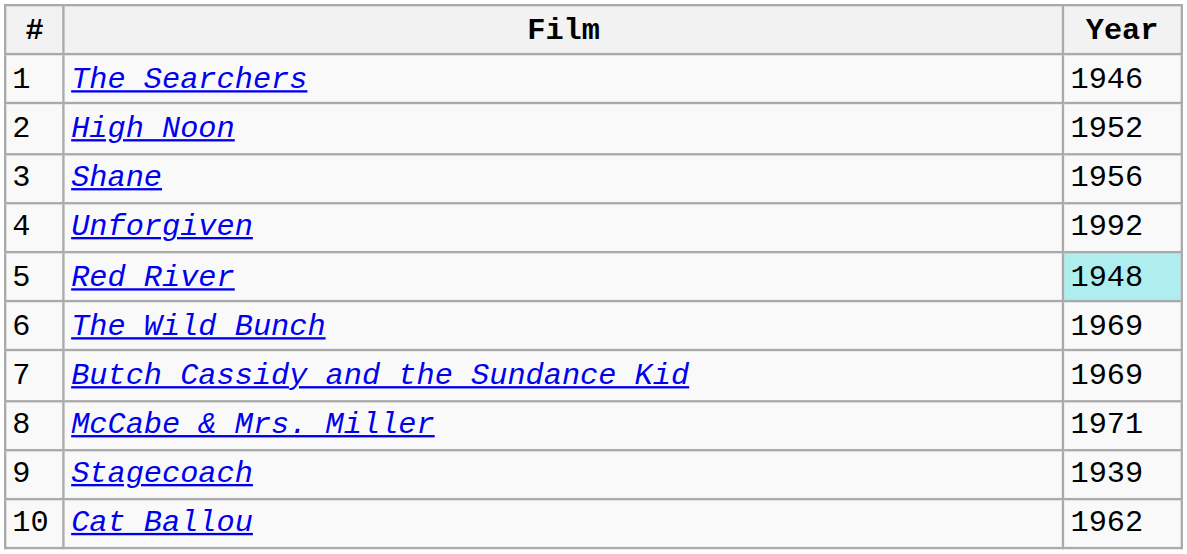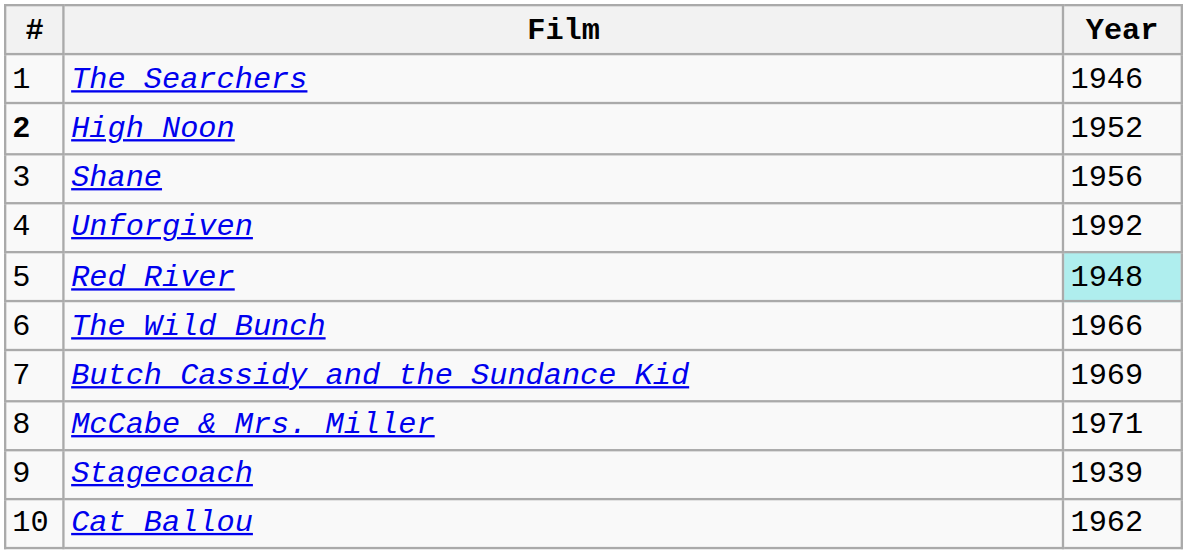 <table class="sortable wikitable" style="width:40%">
 <tr>
 <th width=5%>#</th>
 <th width=85%>Film</th>
 <th width=10%>Year</th>
 </tr>
 <tr>
 <td>1</td>
 <td><em><a href='#'>The Searchers</a></em></td>
 <td>1946</td>
 </tr>
 <tr>
-<td>2</td>
+<td><strong>2</strong></td>
 <td><em><a href='#'>High Noon</a></em></td>
 <td>1952</td>
 </tr>
 <tr>
 <td>3</td>
 <td><em><a href='#'>Shane</a></em></td>
 <td>1956</td>
 </tr>
 <tr>
 <td>4</td>
 <td><em><a href='#'>Unforgiven</a></em></td>
 <td>1992</td>
 </tr>
 <tr>
 <td>5</td>
 <td><em><a href='#'>Red River</a></em></td>
 <td style="background: paleturquoise;">1948</td>
 </tr>
 <tr>
 <td>6</td>
 <td><em><a href='#'>The Wild Bunch</a></em></td>
-<td>1969</td>
+<td>1966</td>
 </tr>
 <tr>
 <td>7</td>
 <td><em><a href='#'>Butch Cassidy and the Sundance Kid</a></em></td>
 <td>1969</td>
 </tr>
 <tr>
 <td>8</td>
 <td><em><a href='#'>McCabe & Mrs. Miller</a></em></td>
 <td>1971</td>
 </tr>
 <tr>
 <td>9</td>
 <td><em><a href='#'>Stagecoach</a></em></td>
 <td>1939</td>
 </tr>
 <tr>
 <td>10</td>
 <td><em><a href='#'>Cat Ballou</a></em></td>
 <td>1962</td>
 </tr>
 </table>
